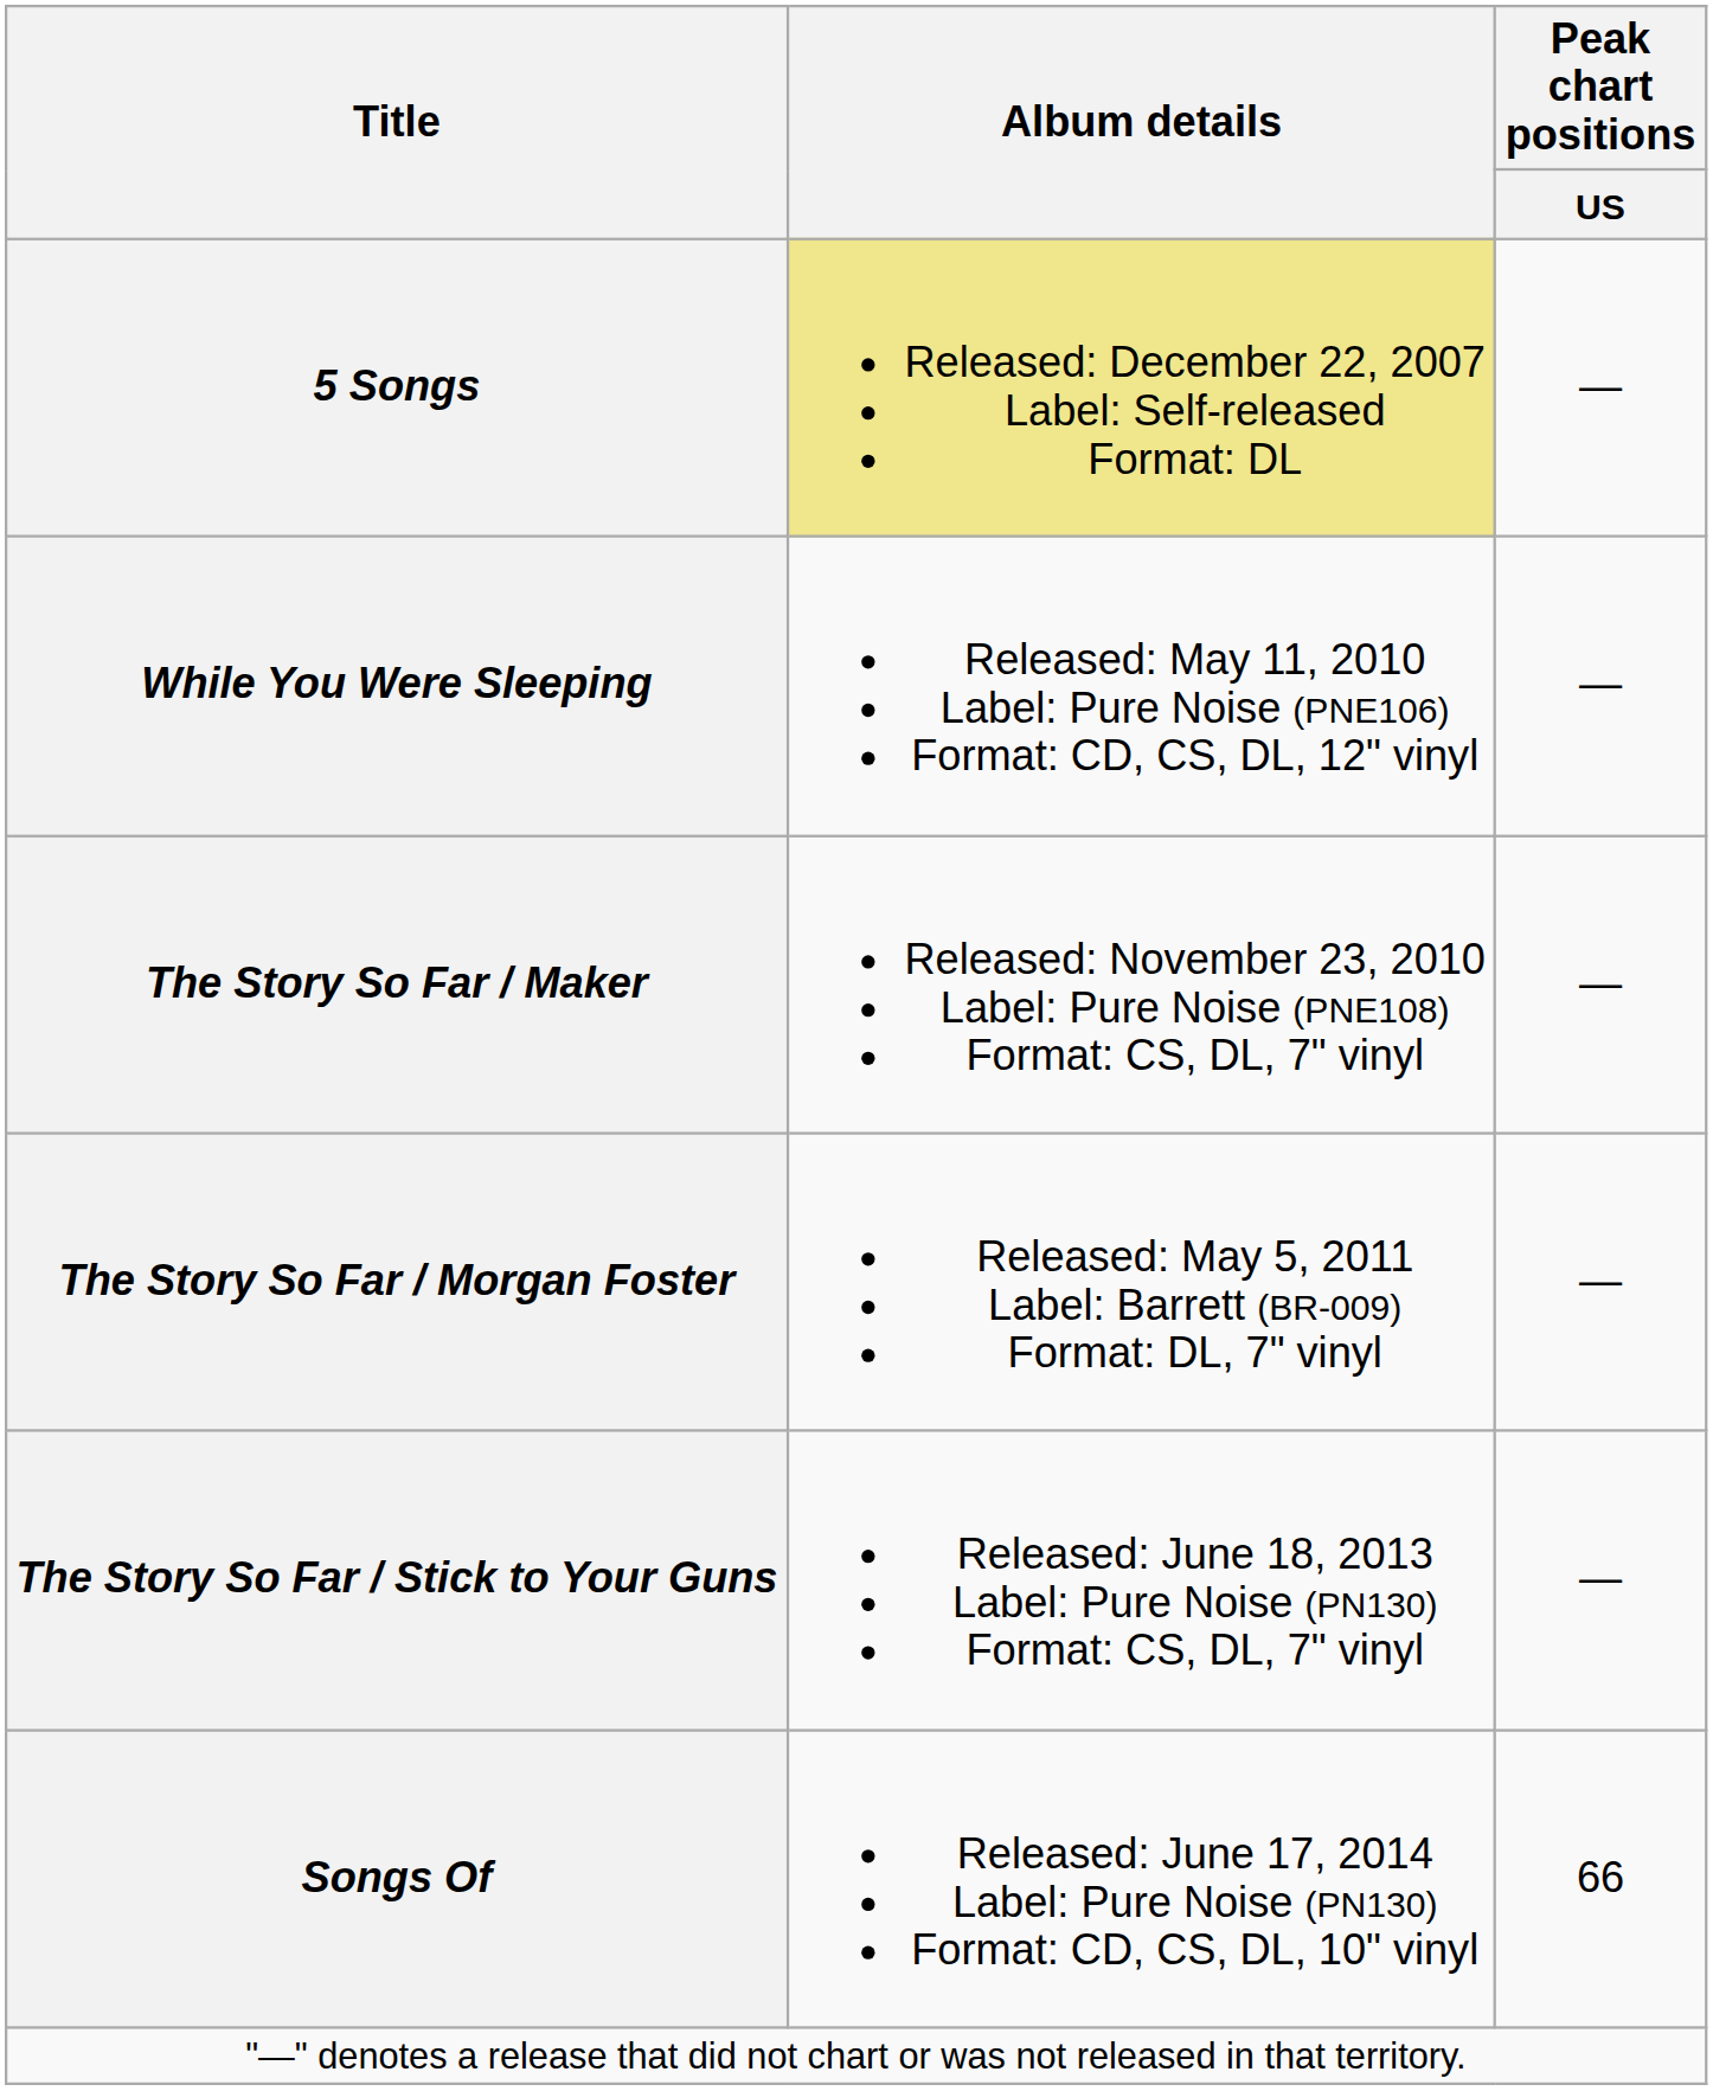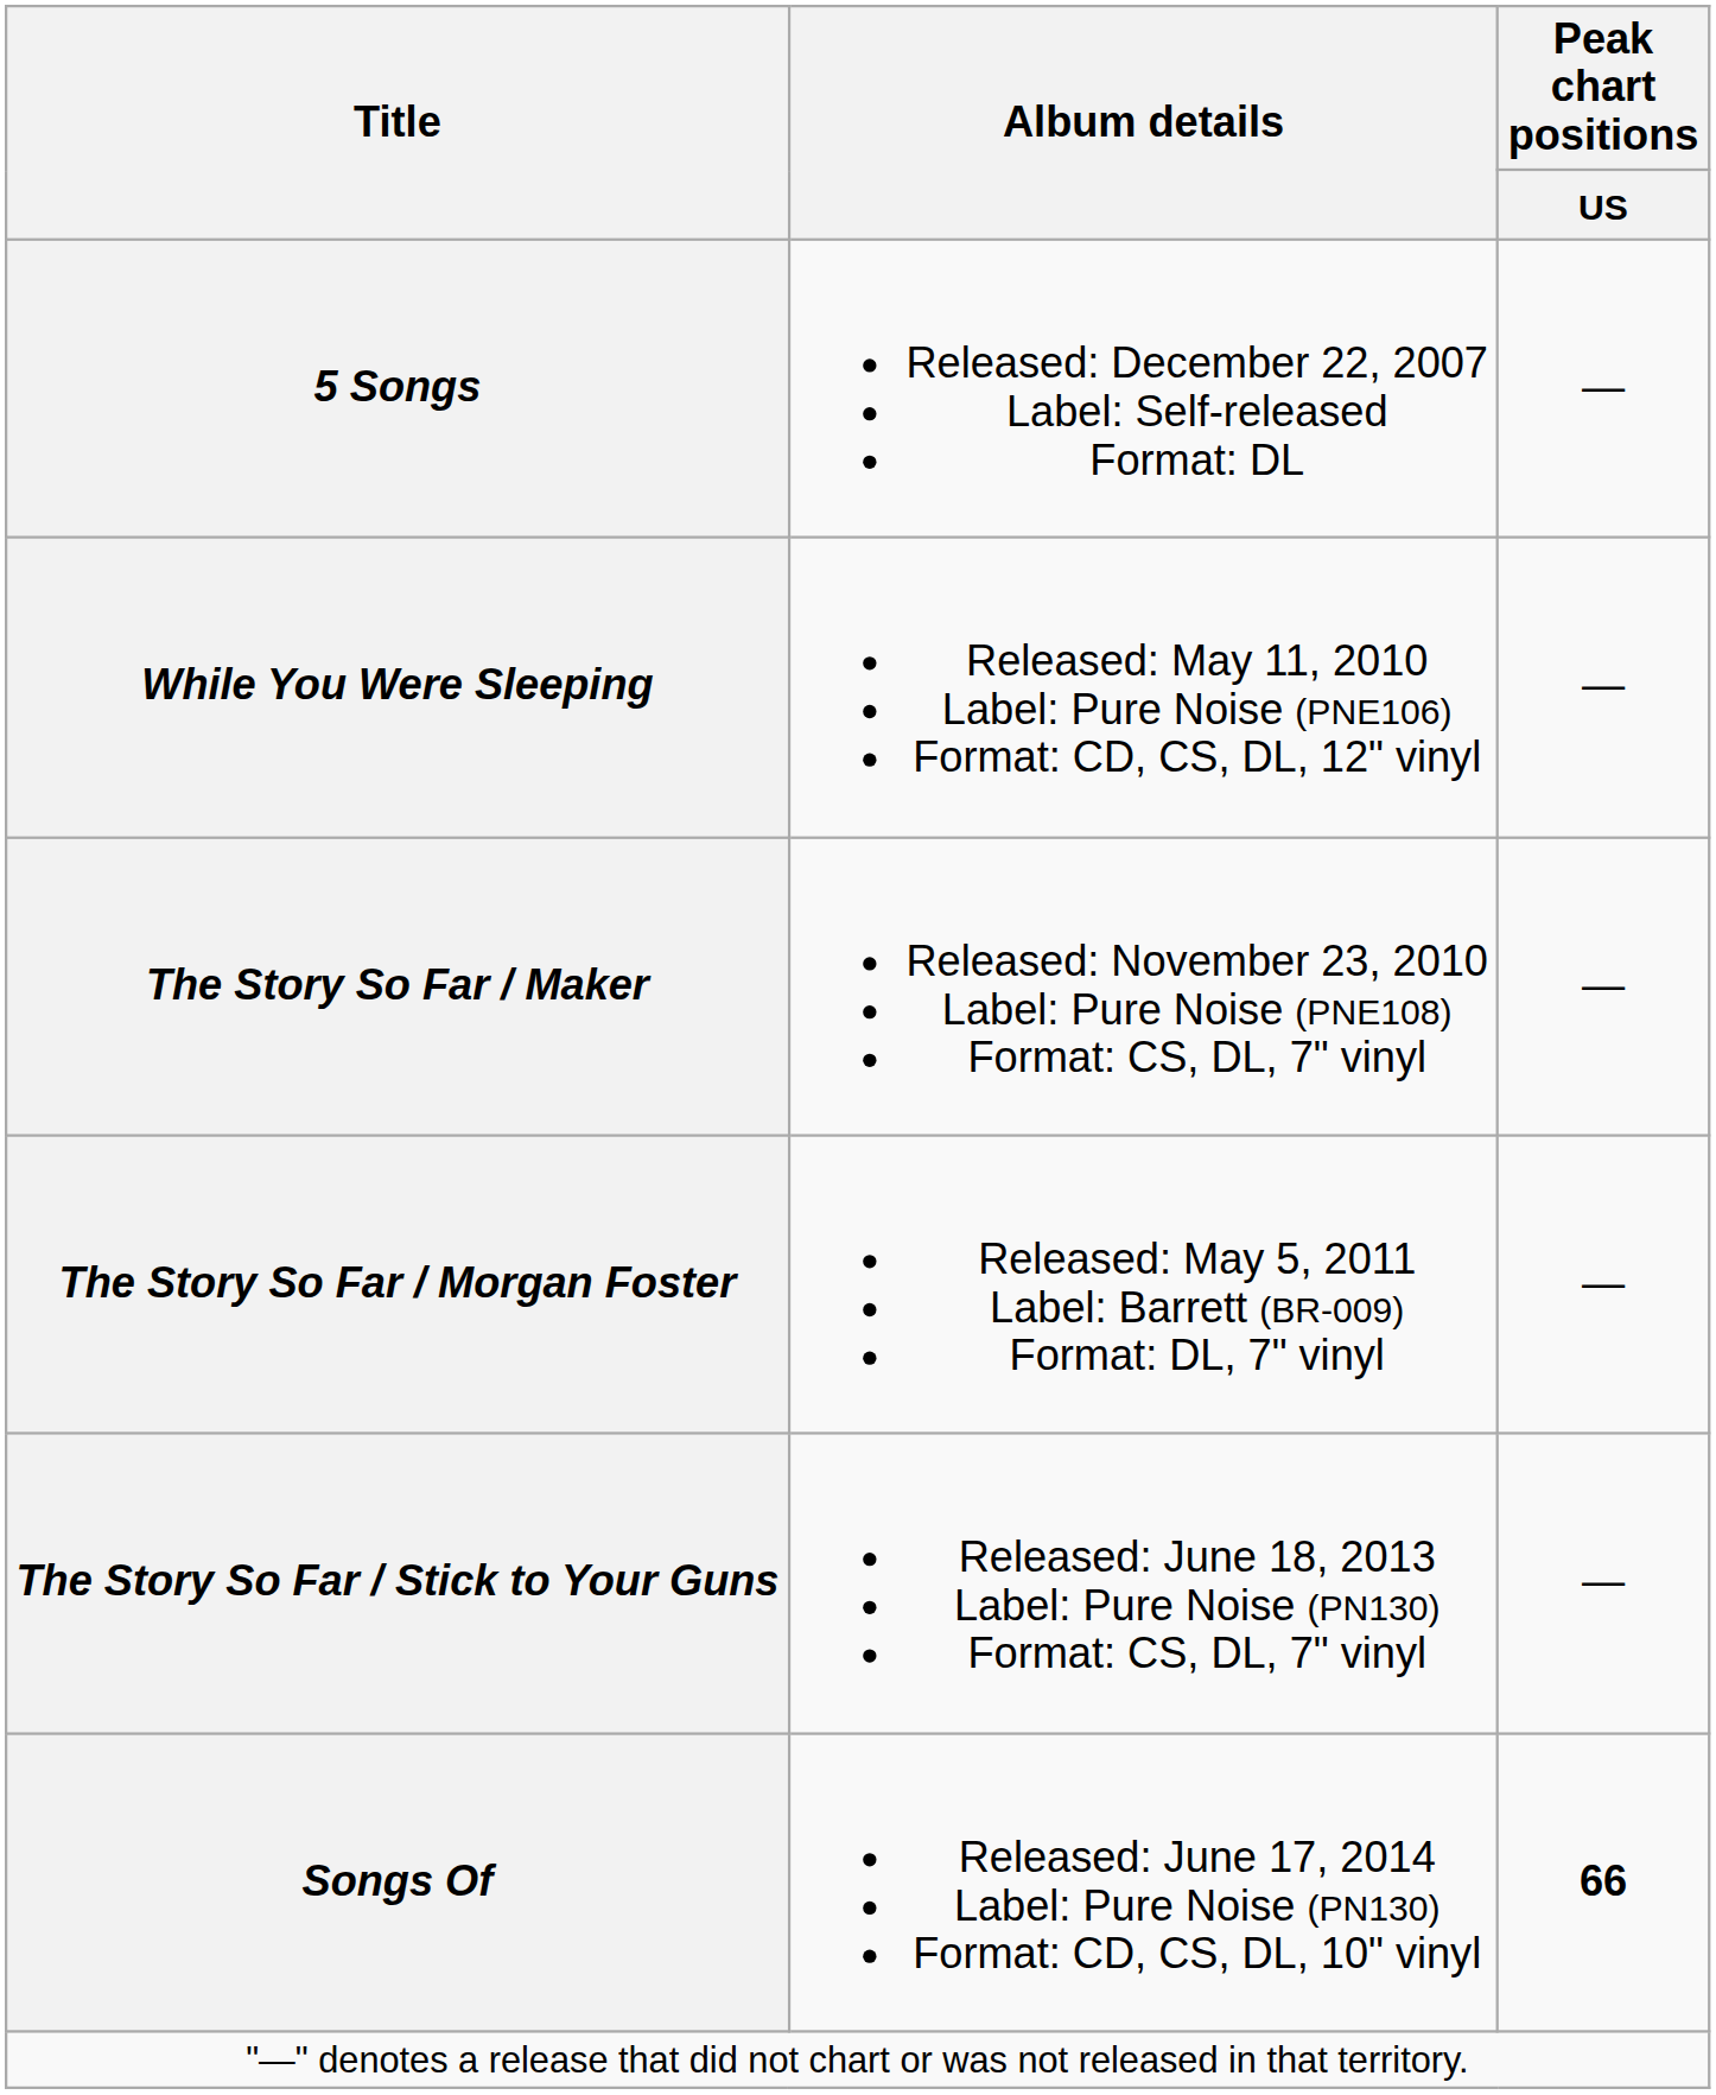 <table class="wikitable plainrowheaders" style="text-align:center;">
 <tr>
 <th scope="col" rowspan="2">Title</th>
 <th scope="col" rowspan="2">Album details</th>
 <th scope="col" colspan="1">Peak chart positions</th>
 </tr>
 <tr>
 <th style="width:30px;"><small>US</small><br></th>
 </tr>
 <tr>
 <th scope="row"><em>5 Songs</em></th>
-<td style="background: khaki;"><br><ul><li>Released: December 22, 2007</li><li>Label: Self-released</li><li>Format: DL</li></ul></td>
+<td><br><ul><li>Released: December 22, 2007</li><li>Label: Self-released</li><li>Format: DL</li></ul></td>
 <td>—</td>
 </tr>
 <tr>
 <th scope="row"><em>While You Were Sleeping</em></th>
 <td><br><ul><li>Released: May 11, 2010</li><li>Label: Pure Noise <small>(PNE106)</small></li><li>Format: CD, CS, DL, 12" vinyl</li></ul></td>
 <td>—</td>
 </tr>
 <tr>
 <th scope="row"><em>The Story So Far / Maker</em></th>
 <td><br><ul><li>Released: November 23, 2010</li><li>Label: Pure Noise <small>(PNE108)</small></li><li>Format: CS, DL, 7" vinyl</li></ul></td>
 <td>—</td>
 </tr>
 <tr>
 <th scope="row"><em>The Story So Far / Morgan Foster</em></th>
 <td><br><ul><li>Released: May 5, 2011</li><li>Label: Barrett <small>(BR-009)</small></li><li>Format: DL, 7" vinyl</li></ul></td>
 <td>—</td>
 </tr>
 <tr>
 <th scope="row"><em>The Story So Far / Stick to Your Guns</em></th>
 <td><br><ul><li>Released: June 18, 2013</li><li>Label: Pure Noise <small>(PN130)</small></li><li>Format: CS, DL, 7" vinyl</li></ul></td>
 <td>—</td>
 </tr>
 <tr>
 <th scope="row"><em>Songs Of</em></th>
 <td><br><ul><li>Released: June 17, 2014</li><li>Label: Pure Noise <small>(PN130)</small></li><li>Format: CD, CS, DL, 10" vinyl</li></ul></td>
-<td>66</td>
+<td><strong>66</strong></td>
 </tr>
 <tr>
 <td colspan="8" style="font-size:85%">"—" denotes a release that did not chart or was not released in that territory.</td>
 </tr>
 </table>
